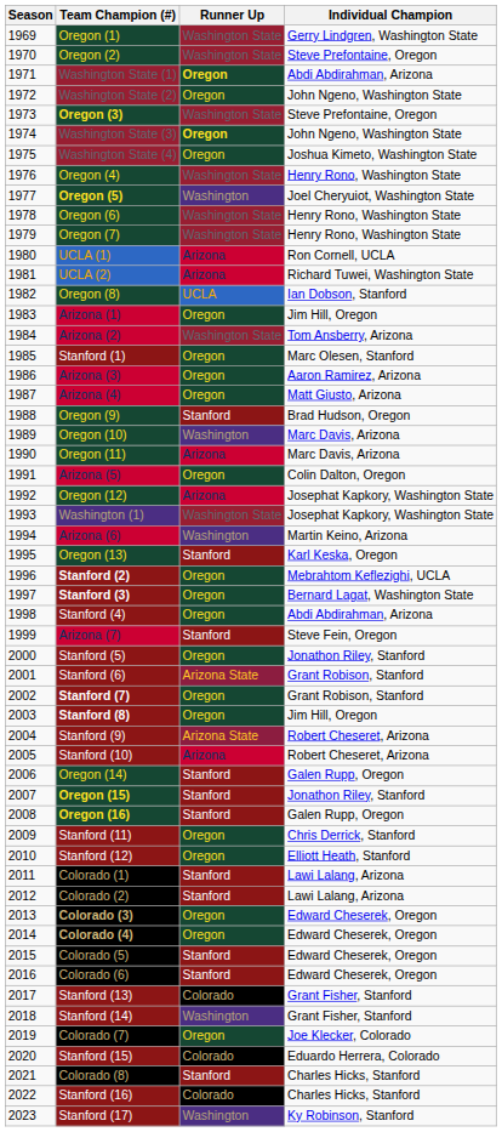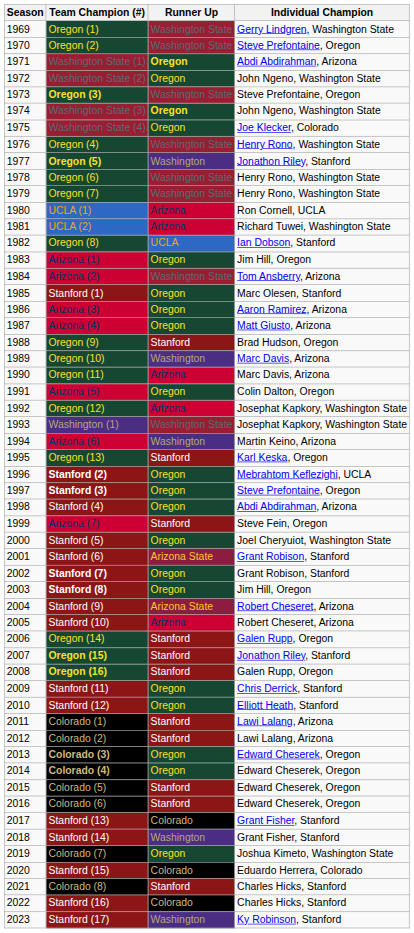 <table class="wikitable">
 <tr>
 <th>Season</th>
 <th>Team Champion (#)</th>
 <th>Runner Up</th>
 <th>Individual Champion</th>
 </tr>
 <tr>
 <td>1969</td>
 <td style="background:#154733; color:#FEE123;">Oregon (1)</td>
 <td style="background:#981E32; color:#5E6A71;">Washington State</td>
 <td><a href='#'>Gerry Lindgren</a>, Washington State</td>
 </tr>
 <tr>
 <td>1970</td>
 <td style="background:#154733; color:#FEE123;">Oregon (2)</td>
 <td style="background:#981E32; color:#5E6A71;">Washington State</td>
 <td><a href='#'>Steve Prefontaine</a>, Oregon</td>
 </tr>
 <tr>
 <td>1971</td>
 <td style="background:#981E32; color:#5E6A71;">Washington State (1)</td>
 <td style="background:#154733; color:#FEE123;"><strong>Oregon</strong></td>
 <td><a href='#'>Abdi Abdirahman</a>, Arizona</td>
 </tr>
 <tr>
 <td>1972</td>
 <td style="background:#981E32; color:#5E6A71;">Washington State (2)</td>
 <td style="background:#154733; color:#FEE123;">Oregon</td>
 <td>John Ngeno, Washington State</td>
 </tr>
 <tr>
 <td>1973</td>
 <td style="background:#154733; color:#FEE123;"><strong>Oregon (3)</strong></td>
 <td style="background:#981E32; color:#5E6A71;">Washington State</td>
 <td>Steve Prefontaine, Oregon</td>
 </tr>
 <tr>
 <td>1974</td>
 <td style="background:#981E32; color:#5E6A71;">Washington State (3)</td>
 <td style="background:#154733; color:#FEE123;"><strong>Oregon</strong></td>
 <td>John Ngeno, Washington State</td>
 </tr>
 <tr>
 <td>1975</td>
 <td style="background:#981E32; color:#5E6A71;">Washington State (4)</td>
 <td style="background:#154733; color:#FEE123;">Oregon</td>
-<td>Joshua Kimeto, Washington State</td>
+<td><a href='#'>Joe Klecker</a>, Colorado</td>
 </tr>
 <tr>
 <td>1976</td>
 <td style="background:#154733; color:#FEE123;">Oregon (4)</td>
 <td style="background:#981E32; color:#5E6A71;">Washington State</td>
 <td><a href='#'>Henry Rono</a>, Washington State</td>
 </tr>
 <tr>
 <td>1977</td>
 <td style="background:#154733; color:#FEE123;"><strong>Oregon (5)</strong></td>
 <td style="background:#4B2E83; color:#B7A57A;">Washington</td>
-<td>Joel Cheryuiot, Washington State</td>
+<td><a href='#'>Jonathon Riley</a>, Stanford</td>
 </tr>
 <tr>
 <td>1978</td>
 <td style="background:#154733; color:#FEE123;">Oregon (6)</td>
 <td style="background:#981E32; color:#5E6A71;">Washington State</td>
 <td>Henry Rono, Washington State</td>
 </tr>
 <tr>
 <td>1979</td>
 <td style="background:#154733; color:#FEE123;">Oregon (7)</td>
 <td style="background:#981E32; color:#5E6A71;">Washington State</td>
 <td>Henry Rono, Washington State</td>
 </tr>
 <tr>
 <td>1980</td>
 <td style="background:#2D68C4; color:#F2A900;">UCLA (1)</td>
 <td style="background:#CC0033; color:#003366;">Arizona</td>
 <td>Ron Cornell, UCLA</td>
 </tr>
 <tr>
 <td>1981</td>
 <td style="background:#2D68C4; color:#F2A900;">UCLA (2)</td>
 <td style="background:#CC0033; color:#003366;">Arizona</td>
 <td>Richard Tuwei, Washington State</td>
 </tr>
 <tr>
 <td>1982</td>
 <td style="background:#154733; color:#FEE123;">Oregon (8)</td>
 <td style="background:#2D68C4; color:#F2A900;">UCLA</td>
 <td><a href='#'>Ian Dobson</a>, Stanford</td>
 </tr>
 <tr>
 <td>1983</td>
 <td style="background:#CC0033; color:#003366;">Arizona (1)</td>
 <td style="background:#154733; color:#FEE123;">Oregon</td>
 <td>Jim Hill, Oregon</td>
 </tr>
 <tr>
 <td>1984</td>
 <td style="background:#CC0033; color:#003366;">Arizona (2)</td>
 <td style="background:#981E32; color:#5E6A71;">Washington State</td>
 <td><a href='#'>Tom Ansberry</a>, Arizona</td>
 </tr>
 <tr>
 <td>1985</td>
 <td style="background:#8C1515; color:#FFFFFF;">Stanford (1)</td>
 <td style="background:#154733; color:#FEE123;">Oregon</td>
 <td>Marc Olesen, Stanford</td>
 </tr>
 <tr>
 <td>1986</td>
 <td style="background:#CC0033; color:#003366;">Arizona (3)</td>
 <td style="background:#154733; color:#FEE123;">Oregon</td>
 <td><a href='#'>Aaron Ramirez</a>, Arizona</td>
 </tr>
 <tr>
 <td>1987</td>
 <td style="background:#CC0033; color:#003366;">Arizona (4)</td>
 <td style="background:#154733; color:#FEE123;">Oregon</td>
 <td><a href='#'>Matt Giusto</a>, Arizona</td>
 </tr>
 <tr>
 <td>1988</td>
 <td style="background:#154733; color:#FEE123;">Oregon (9)</td>
 <td style="background:#8C1515; color:#FFFFFF;">Stanford</td>
 <td>Brad Hudson, Oregon</td>
 </tr>
 <tr>
 <td>1989</td>
 <td style="background:#154733; color:#FEE123;">Oregon (10)</td>
 <td style="background:#4B2E83; color:#B7A57A;">Washington</td>
 <td><a href='#'>Marc Davis</a>, Arizona</td>
 </tr>
 <tr>
 <td>1990</td>
 <td style="background:#154733; color:#FEE123;">Oregon (11)</td>
 <td style="background:#CC0033; color:#003366;">Arizona</td>
 <td>Marc Davis, Arizona</td>
 </tr>
 <tr>
 <td>1991</td>
 <td style="background:#CC0033; color:#003366;">Arizona (5)</td>
 <td style="background:#154733; color:#FEE123;">Oregon</td>
 <td>Colin Dalton, Oregon</td>
 </tr>
 <tr>
 <td>1992</td>
 <td style="background:#154733; color:#FEE123;">Oregon (12)</td>
 <td style="background:#CC0033; color:#003366;">Arizona</td>
 <td>Josephat Kapkory, Washington State</td>
 </tr>
 <tr>
 <td>1993</td>
 <td style="background:#4B2E83; color:#B7A57A;">Washington (1)</td>
 <td style="background:#981E32; color:#5E6A71;">Washington State</td>
 <td>Josephat Kapkory, Washington State</td>
 </tr>
 <tr>
 <td>1994</td>
 <td style="background:#CC0033; color:#003366;">Arizona (6)</td>
 <td style="background:#4B2E83; color:#B7A57A;">Washington</td>
 <td>Martin Keino, Arizona</td>
 </tr>
 <tr>
 <td>1995</td>
 <td style="background:#154733; color:#FEE123;">Oregon (13)</td>
 <td style="background:#8C1515; color:#FFFFFF;">Stanford</td>
 <td><a href='#'>Karl Keska</a>, Oregon</td>
 </tr>
 <tr>
 <td>1996</td>
 <td style="background:#8C1515; color:#FFFFFF;"><strong>Stanford (2)</strong></td>
 <td style="background:#154733; color:#FEE123;">Oregon</td>
 <td><a href='#'>Mebrahtom Keflezighi</a>, UCLA</td>
 </tr>
 <tr>
 <td>1997</td>
 <td style="background:#8C1515; color:#FFFFFF;"><strong>Stanford (3)</strong></td>
 <td style="background:#154733; color:#FEE123;">Oregon</td>
-<td><a href='#'>Bernard Lagat</a>, Washington State</td>
+<td><a href='#'>Steve Prefontaine</a>, Oregon</td>
 </tr>
 <tr>
 <td>1998</td>
 <td style="background:#8C1515; color:#FFFFFF;">Stanford (4)</td>
 <td style="background:#154733; color:#FEE123;">Oregon</td>
 <td><a href='#'>Abdi Abdirahman</a>, Arizona</td>
 </tr>
 <tr>
 <td>1999</td>
 <td style="background:#CC0033; color:#003366;">Arizona (7)</td>
 <td style="background:#8C1515; color:#FFFFFF;">Stanford</td>
 <td>Steve Fein, Oregon</td>
 </tr>
 <tr>
 <td>2000</td>
 <td style="background:#8C1515; color:#FFFFFF;">Stanford (5)</td>
 <td style="background:#154733; color:#FEE123;">Oregon</td>
-<td><a href='#'>Jonathon Riley</a>, Stanford</td>
+<td>Joel Cheryuiot, Washington State</td>
 </tr>
 <tr>
 <td>2001</td>
 <td style="background:#8C1515; color:#FFFFFF;">Stanford (6)</td>
 <td style="background:#8C1D40; color:#FFC627;">Arizona State</td>
 <td><a href='#'>Grant Robison</a>, Stanford</td>
 </tr>
 <tr>
 <td>2002</td>
 <td style="background:#8C1515; color:#FFFFFF;"><strong>Stanford (7)</strong></td>
 <td style="background:#154733; color:#FEE123;">Oregon</td>
 <td>Grant Robison, Stanford</td>
 </tr>
 <tr>
 <td>2003</td>
 <td style="background:#8C1515; color:#FFFFFF;"><strong>Stanford (8)</strong></td>
 <td style="background:#154733; color:#FEE123;">Oregon</td>
 <td>Jim Hill, Oregon</td>
 </tr>
 <tr>
 <td>2004</td>
 <td style="background:#8C1515; color:#FFFFFF;">Stanford (9)</td>
 <td style="background:#8C1D40; color:#FFC627;">Arizona State</td>
 <td><a href='#'>Robert Cheseret</a>, Arizona</td>
 </tr>
 <tr>
 <td>2005</td>
 <td style="background:#8C1515; color:#FFFFFF;">Stanford (10)</td>
 <td style="background:#CC0033; color:#003366;">Arizona</td>
 <td>Robert Cheseret, Arizona</td>
 </tr>
 <tr>
 <td>2006</td>
 <td style="background:#154733; color:#FEE123;">Oregon (14)</td>
 <td style="background:#8C1515; color:#FFFFFF;">Stanford</td>
 <td><a href='#'>Galen Rupp</a>, Oregon</td>
 </tr>
 <tr>
 <td>2007</td>
 <td style="background:#154733; color:#FEE123;"><strong>Oregon (15)</strong></td>
 <td style="background:#8C1515; color:#FFFFFF;">Stanford</td>
 <td><a href='#'>Jonathon Riley</a>, Stanford</td>
 </tr>
 <tr>
 <td>2008</td>
 <td style="background:#154733; color:#FEE123;"><strong>Oregon (16)</strong></td>
 <td style="background:#8C1515; color:#FFFFFF;">Stanford</td>
 <td>Galen Rupp, Oregon</td>
 </tr>
 <tr>
 <td>2009</td>
 <td style="background:#8C1515; color:#FFFFFF;">Stanford (11)</td>
 <td style="background:#154733; color:#FEE123;">Oregon</td>
 <td><a href='#'>Chris Derrick</a>, Stanford</td>
 </tr>
 <tr>
 <td>2010</td>
 <td style="background:#8C1515; color:#FFFFFF;">Stanford (12)</td>
 <td style="background:#154733; color:#FEE123;">Oregon</td>
 <td><a href='#'>Elliott Heath</a>, Stanford</td>
 </tr>
 <tr>
 <td>2011</td>
 <td style="background:#000000; color:#CFB87C;">Colorado (1)</td>
 <td style="background:#8C1515; color:#FFFFFF;">Stanford</td>
 <td><a href='#'>Lawi Lalang</a>, Arizona</td>
 </tr>
 <tr>
 <td>2012</td>
 <td style="background:#000000; color:#CFB87C;">Colorado (2)</td>
 <td style="background:#8C1515; color:#FFFFFF;">Stanford</td>
 <td>Lawi Lalang, Arizona</td>
 </tr>
 <tr>
 <td>2013</td>
 <td style="background:#000000; color:#CFB87C;"><strong>Colorado (3)</strong></td>
 <td style="background:#154733; color:#FEE123;">Oregon</td>
 <td><a href='#'>Edward Cheserek</a>, Oregon</td>
 </tr>
 <tr>
 <td>2014</td>
 <td style="background:#000000; color:#CFB87C;"><strong>Colorado (4)</strong></td>
 <td style="background:#154733; color:#FEE123;">Oregon</td>
 <td>Edward Cheserek, Oregon</td>
 </tr>
 <tr>
 <td>2015</td>
 <td style="background:#000000; color:#CFB87C;">Colorado (5)</td>
 <td style="background:#8C1515; color:#FFFFFF;">Stanford</td>
 <td>Edward Cheserek, Oregon</td>
 </tr>
 <tr>
 <td>2016</td>
 <td style="background:#000000; color:#CFB87C;">Colorado (6)</td>
 <td style="background:#8C1515; color:#FFFFFF;">Stanford</td>
 <td>Edward Cheserek, Oregon</td>
 </tr>
 <tr>
 <td>2017</td>
 <td style="background:#8C1515; color:#FFFFFF;">Stanford (13)</td>
 <td style="background:#000000; color:#CFB87C;">Colorado</td>
 <td><a href='#'>Grant Fisher</a>, Stanford</td>
 </tr>
 <tr>
 <td>2018</td>
 <td style="background:#8C1515; color:#FFFFFF;">Stanford (14)</td>
 <td style="background:#4B2E83; color:#B7A57A;">Washington</td>
 <td>Grant Fisher, Stanford</td>
 </tr>
 <tr>
 <td>2019</td>
 <td style="background:#000000; color:#CFB87C;">Colorado (7)</td>
 <td style="background:#154733; color:#FEE123;">Oregon</td>
-<td><a href='#'>Joe Klecker</a>, Colorado</td>
+<td>Joshua Kimeto, Washington State</td>
 </tr>
 <tr>
 <td>2020</td>
 <td style="background:#8C1515; color:#FFFFFF;">Stanford (15)</td>
 <td style="background:#000000; color:#CFB87C;">Colorado</td>
 <td>Eduardo Herrera, Colorado</td>
 </tr>
 <tr>
 <td>2021</td>
 <td style="background:#000000; color:#CFB87C;">Colorado (8)</td>
 <td style="background:#8C1515; color:#FFFFFF;">Stanford</td>
 <td>Charles Hicks, Stanford</td>
 </tr>
 <tr>
 <td>2022</td>
 <td style="background:#8C1515; color:#FFFFFF;">Stanford (16)</td>
 <td style="background:#000000; color:#CFB87C;">Colorado</td>
 <td>Charles Hicks, Stanford</td>
 </tr>
 <tr>
 <td>2023</td>
 <td style="background:#8C1515; color:#FFFFFF;">Stanford (17)</td>
 <td style="background:#4B2E83; color:#B7A57A;">Washington</td>
 <td><a href='#'>Ky Robinson</a>, Stanford</td>
 </tr>
 </table>
